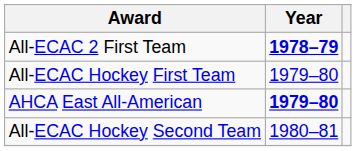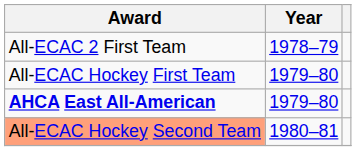 <table class="wikitable">
 <tr>
 <th>Award</th>
 <th>Year</th>
 <th></th>
 </tr>
 <tr>
 <td>All-<a href='#'>ECAC 2</a> First Team</td>
-<td><strong><a href='#'>1978–79</a></strong></td>
+<td><a href='#'>1978–79</a></td>
 <td></td>
 </tr>
 <tr>
 <td>All-<a href='#'>ECAC Hockey</a> <a href='#'>First Team</a></td>
 <td><a href='#'>1979–80</a></td>
 <td></td>
 </tr>
 <tr>
-<td><a href='#'>AHCA</a> <a href='#'>East All-American</a></td>
-<td><strong><a href='#'>1979–80</a></strong></td>
+<td><strong><a href='#'>AHCA</a> <a href='#'>East All-American</a></strong></td>
+<td><a href='#'>1979–80</a></td>
 <td></td>
 </tr>
 <tr>
-<td>All-<a href='#'>ECAC Hockey</a> <a href='#'>Second Team</a></td>
+<td style="background: lightsalmon;">All-<a href='#'>ECAC Hockey</a> <a href='#'>Second Team</a></td>
 <td><a href='#'>1980–81</a></td>
 <td></td>
 </tr>
 <tr>
 </tr>
 </table>
